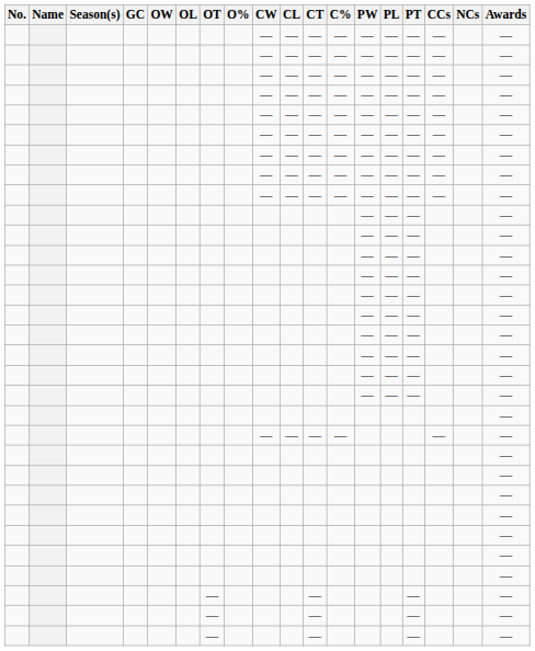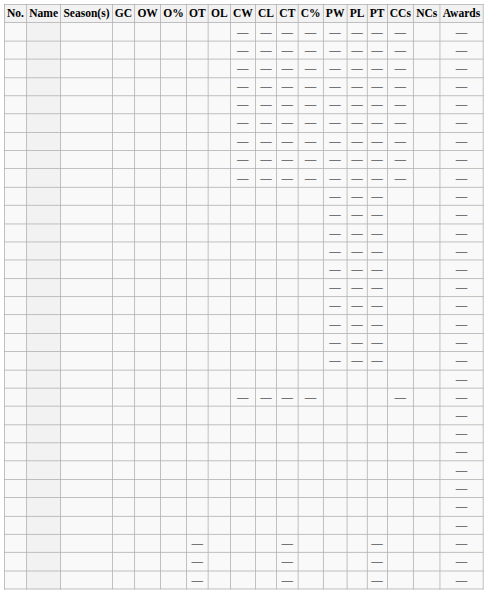 <table class="wikitable sortable" style="text-align:center;">
 <tr>
 <th scope="col" class="unsortable">No.</th>
 <th scope="col">Name</th>
 <th scope="col">Season(s)</th>
 <th scope="col">GC</th>
 <th scope="col">OW</th>
+<th scope="col">O%</th>
+<th scope="col">OT</th>
 <th scope="col">OL</th>
-<th scope="col">OT</th>
-<th scope="col">O%</th>
 <th scope="col">CW</th>
 <th scope="col">CL</th>
 <th scope="col">CT</th>
 <th scope="col">C%</th>
 <th scope="col">PW</th>
 <th scope="col">PL</th>
 <th scope="col">PT</th>
 <th scope="col">CCs</th>
 <th scope="col">NCs</th>
 <th scope="col" class="unsortable">Awards</th>
 </tr>
 <tr>
 <td></td>
 <th scope="row"></th>
 <td></td>
 <td></td>
 <td></td>
 <td></td>
 <td></td>
 <td></td>
 <td>—</td>
 <td>—</td>
 <td>—</td>
 <td>—</td>
 <td>—</td>
 <td>—</td>
 <td>—</td>
 <td>—</td>
 <td></td>
 <td>—</td>
 </tr>
 <tr>
 <td></td>
 <th scope="row"></th>
 <td></td>
 <td></td>
 <td></td>
 <td></td>
 <td></td>
 <td></td>
 <td>—</td>
 <td>—</td>
 <td>—</td>
 <td>—</td>
 <td>—</td>
 <td>—</td>
 <td>—</td>
 <td>—</td>
 <td></td>
 <td>—</td>
 </tr>
 <tr>
 <td></td>
 <th scope="row"></th>
 <td></td>
 <td></td>
 <td></td>
 <td></td>
 <td></td>
 <td></td>
 <td>—</td>
 <td>—</td>
 <td>—</td>
 <td>—</td>
 <td>—</td>
 <td>—</td>
 <td>—</td>
 <td>—</td>
 <td></td>
 <td>—</td>
 </tr>
 <tr>
 <td></td>
 <th scope="row"><br></th>
 <td></td>
 <td></td>
 <td></td>
 <td></td>
 <td></td>
 <td></td>
 <td>—</td>
 <td>—</td>
 <td>—</td>
 <td>—</td>
 <td>—</td>
 <td>—</td>
 <td>—</td>
 <td>—</td>
 <td></td>
 <td>—</td>
 </tr>
 <tr>
 <td></td>
 <th scope="row"></th>
 <td></td>
 <td></td>
 <td></td>
 <td></td>
 <td></td>
 <td></td>
 <td>—</td>
 <td>—</td>
 <td>—</td>
 <td>—</td>
 <td>—</td>
 <td>—</td>
 <td>—</td>
 <td>—</td>
 <td></td>
 <td>—</td>
 </tr>
 <tr>
 <td></td>
 <th scope="row"></th>
 <td></td>
 <td></td>
 <td></td>
 <td></td>
 <td></td>
 <td></td>
 <td>—</td>
 <td>—</td>
 <td>—</td>
 <td>—</td>
 <td>—</td>
 <td>—</td>
 <td>—</td>
 <td>—</td>
 <td></td>
 <td>—</td>
 </tr>
 <tr>
 <td></td>
 <th scope="row"></th>
 <td></td>
 <td></td>
 <td></td>
 <td></td>
 <td></td>
 <td></td>
 <td>—</td>
 <td>—</td>
 <td>—</td>
 <td>—</td>
 <td>—</td>
 <td>—</td>
 <td>—</td>
 <td>—</td>
 <td></td>
 <td>—</td>
 </tr>
 <tr>
 <td></td>
 <th scope="row"></th>
 <td></td>
 <td></td>
 <td></td>
 <td></td>
 <td></td>
 <td></td>
 <td>—</td>
 <td>—</td>
 <td>—</td>
 <td>—</td>
 <td>—</td>
 <td>—</td>
 <td>—</td>
 <td>—</td>
 <td></td>
 <td>—</td>
 </tr>
 <tr>
 <td></td>
 <th scope="row"></th>
 <td></td>
 <td></td>
 <td></td>
 <td></td>
 <td></td>
 <td></td>
 <td>—</td>
 <td>—</td>
 <td>—</td>
 <td>—</td>
 <td>—</td>
 <td>—</td>
 <td>—</td>
 <td>—</td>
 <td></td>
 <td>—</td>
 </tr>
 <tr>
 <td></td>
 <th scope="row"></th>
 <td></td>
 <td></td>
 <td></td>
 <td></td>
 <td></td>
 <td></td>
 <td></td>
 <td></td>
 <td></td>
 <td></td>
 <td>—</td>
 <td>—</td>
 <td>—</td>
 <td></td>
 <td></td>
 <td>—</td>
 </tr>
 <tr>
 <td></td>
 <th scope="row"></th>
 <td></td>
 <td></td>
 <td></td>
 <td></td>
 <td></td>
 <td></td>
 <td></td>
 <td></td>
 <td></td>
 <td></td>
 <td>—</td>
 <td>—</td>
 <td>—</td>
 <td></td>
 <td></td>
 <td>—</td>
 </tr>
 <tr>
 <td></td>
 <th scope="row"></th>
 <td></td>
 <td></td>
 <td></td>
 <td></td>
 <td></td>
 <td></td>
 <td></td>
 <td></td>
 <td></td>
 <td></td>
 <td>—</td>
 <td>—</td>
 <td>—</td>
 <td></td>
 <td></td>
 <td>—</td>
 </tr>
 <tr>
 <td></td>
 <th scope="row"></th>
 <td></td>
 <td></td>
 <td></td>
 <td></td>
 <td></td>
 <td></td>
 <td></td>
 <td></td>
 <td></td>
 <td></td>
 <td>—</td>
 <td>—</td>
 <td>—</td>
 <td></td>
 <td></td>
 <td>—</td>
 </tr>
 <tr>
 <td></td>
 <th scope="row"></th>
 <td></td>
 <td></td>
 <td></td>
 <td></td>
 <td></td>
 <td></td>
 <td></td>
 <td></td>
 <td></td>
 <td></td>
 <td>—</td>
 <td>—</td>
 <td>—</td>
 <td></td>
 <td></td>
 <td>—</td>
 </tr>
 <tr>
 <td></td>
 <th scope="row"></th>
 <td></td>
 <td></td>
 <td></td>
 <td></td>
 <td></td>
 <td></td>
 <td></td>
 <td></td>
 <td></td>
 <td></td>
 <td>—</td>
 <td>—</td>
 <td>—</td>
 <td></td>
 <td></td>
 <td>—</td>
 </tr>
 <tr>
 <td></td>
 <th scope="row"></th>
 <td></td>
 <td></td>
 <td></td>
 <td></td>
 <td></td>
 <td></td>
 <td></td>
 <td></td>
 <td></td>
 <td></td>
 <td>—</td>
 <td>—</td>
 <td>—</td>
 <td></td>
 <td></td>
 <td>—</td>
 </tr>
 <tr>
 <td></td>
 <th scope="row"></th>
 <td></td>
 <td></td>
 <td></td>
 <td></td>
 <td></td>
 <td></td>
 <td></td>
 <td></td>
 <td></td>
 <td></td>
 <td>—</td>
 <td>—</td>
 <td>—</td>
 <td></td>
 <td></td>
 <td>—</td>
 </tr>
 <tr>
 <td></td>
 <th scope="row"></th>
 <td></td>
 <td></td>
 <td></td>
 <td></td>
 <td></td>
 <td></td>
 <td></td>
 <td></td>
 <td></td>
 <td></td>
 <td>—</td>
 <td>—</td>
 <td>—</td>
 <td></td>
 <td></td>
 <td>—</td>
 </tr>
 <tr>
 <td></td>
 <th scope="row"></th>
 <td></td>
 <td></td>
 <td></td>
 <td></td>
 <td></td>
 <td></td>
 <td></td>
 <td></td>
 <td></td>
 <td></td>
 <td>—</td>
 <td>—</td>
 <td>—</td>
 <td></td>
 <td></td>
 <td>—</td>
 </tr>
 <tr>
 <td></td>
 <th scope="row"></th>
 <td></td>
 <td></td>
 <td></td>
 <td></td>
 <td></td>
 <td></td>
 <td></td>
 <td></td>
 <td></td>
 <td></td>
 <td></td>
 <td></td>
 <td></td>
 <td></td>
 <td></td>
 <td>—</td>
 </tr>
 <tr>
 <td></td>
 <th scope="row"></th>
 <td></td>
 <td></td>
 <td></td>
 <td></td>
 <td></td>
 <td></td>
 <td>—</td>
 <td>—</td>
 <td>—</td>
 <td>—</td>
 <td></td>
 <td></td>
 <td></td>
 <td>—</td>
 <td></td>
 <td>—</td>
 </tr>
 <tr>
 <td></td>
 <th scope="row"></th>
 <td></td>
 <td></td>
 <td></td>
 <td></td>
 <td></td>
 <td></td>
 <td></td>
 <td></td>
 <td></td>
 <td></td>
 <td></td>
 <td></td>
 <td></td>
 <td></td>
 <td></td>
 <td>—</td>
 </tr>
 <tr>
 <td></td>
 <th scope="row"></th>
 <td></td>
 <td></td>
 <td></td>
 <td></td>
 <td></td>
 <td></td>
 <td></td>
 <td></td>
 <td></td>
 <td></td>
 <td></td>
 <td></td>
 <td></td>
 <td></td>
 <td></td>
 <td>—</td>
 </tr>
 <tr>
 <td></td>
 <th scope="row"></th>
 <td></td>
 <td></td>
 <td></td>
 <td></td>
 <td></td>
 <td></td>
 <td></td>
 <td></td>
 <td></td>
 <td></td>
 <td></td>
 <td></td>
 <td></td>
 <td></td>
 <td></td>
 <td>—</td>
 </tr>
 <tr>
 <td></td>
 <th scope="row"></th>
 <td></td>
 <td></td>
 <td></td>
 <td></td>
 <td></td>
 <td></td>
 <td></td>
 <td></td>
 <td></td>
 <td></td>
 <td></td>
 <td></td>
 <td></td>
 <td></td>
 <td></td>
 <td>—</td>
 </tr>
 <tr>
 <td></td>
 <th scope="row"></th>
 <td></td>
 <td></td>
 <td></td>
 <td></td>
 <td></td>
 <td></td>
 <td></td>
 <td></td>
 <td></td>
 <td></td>
 <td></td>
 <td></td>
 <td></td>
 <td></td>
 <td></td>
 <td>—</td>
 </tr>
 <tr>
 <td></td>
 <th scope="row"></th>
 <td></td>
 <td></td>
 <td></td>
 <td></td>
 <td></td>
 <td></td>
 <td></td>
 <td></td>
 <td></td>
 <td></td>
 <td></td>
 <td></td>
 <td></td>
 <td></td>
 <td></td>
 <td>—</td>
 </tr>
 <tr>
 <td></td>
 <th scope="row"></th>
 <td></td>
 <td></td>
 <td></td>
 <td></td>
 <td></td>
 <td></td>
 <td></td>
 <td></td>
 <td></td>
 <td></td>
 <td></td>
 <td></td>
 <td></td>
 <td></td>
 <td></td>
 <td>—</td>
 </tr>
 <tr>
 <td></td>
 <th scope="row"></th>
 <td></td>
 <td></td>
 <td></td>
 <td></td>
 <td>—</td>
 <td></td>
 <td></td>
 <td></td>
 <td>—</td>
 <td></td>
 <td></td>
 <td></td>
 <td>—</td>
 <td></td>
 <td></td>
 <td>—</td>
 </tr>
 <tr>
 <td></td>
 <th scope="row"></th>
 <td></td>
 <td></td>
 <td></td>
 <td></td>
 <td>—</td>
 <td></td>
 <td></td>
 <td></td>
 <td>—</td>
 <td></td>
 <td></td>
 <td></td>
 <td>—</td>
 <td></td>
 <td></td>
 <td>—</td>
 </tr>
 <tr>
 <td></td>
 <th scope="row"></th>
 <td></td>
 <td></td>
 <td></td>
 <td></td>
 <td>—</td>
 <td></td>
 <td></td>
 <td></td>
 <td>—</td>
 <td></td>
 <td></td>
 <td></td>
 <td>—</td>
 <td></td>
 <td></td>
 <td>—</td>
 </tr>
 </table>
